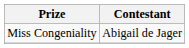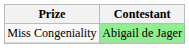 <table class="wikitable">
 <tr>
 <th>Prize</th>
 <th>Contestant</th>
 </tr>
 <tr>
 <td>Miss Congeniality</td>
-<td>Abigail de Jager</td>
+<td style="background: lightgreen;">Abigail de Jager</td>
 </tr>
 <tr>
 </tr>
 </table>
